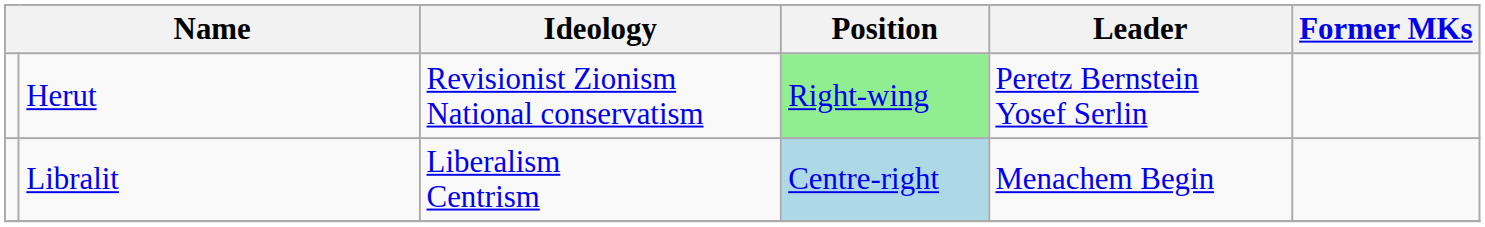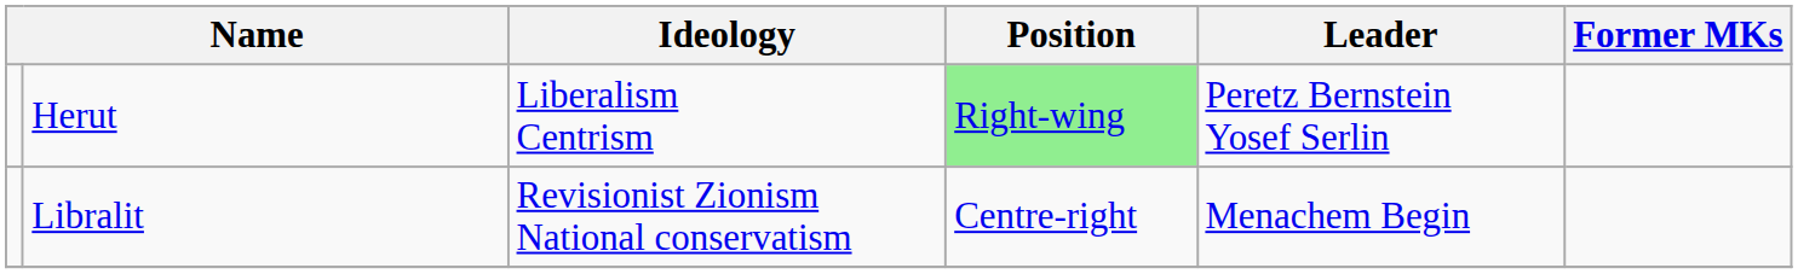 <table class="wikitable">
 <tr>
 <th colspan=2>Name</th>
 <th>Ideology</th>
 <th>Position</th>
 <th>Leader</th>
 <th><a href='#'>Former MKs</a></th>
 </tr>
 <tr>
 <td style="background: "></td>
 <td style="width:200px"><a href='#'>Herut</a></td>
-<td style="width:180px"><a href='#'>Revisionist Zionism</a><br><a href='#'>National conservatism</a></td>
+<td style="width:180px"><a href='#'>Liberalism</a><br><a href='#'>Centrism</a></td>
 <td style="background: lightgreen; width:100px"><a href='#'>Right-wing</a></td>
 <td style="width:150px"><a href='#'>Peretz Bernstein</a><br><a href='#'>Yosef Serlin</a></td>
 <td></td>
 </tr>
 <tr>
 <td style="background: "></td>
 <td style="width:200px"><a href='#'>Libralit</a></td>
-<td style="width:180px"><a href='#'>Liberalism</a><br><a href='#'>Centrism</a></td>
-<td style="background: lightblue; width:100px"><a href='#'>Centre-right</a></td>
+<td style="width:180px"><a href='#'>Revisionist Zionism</a><br><a href='#'>National conservatism</a></td>
+<td style="width:100px"><a href='#'>Centre-right</a></td>
 <td style="width:150px"><a href='#'>Menachem Begin</a></td>
 <td></td>
 </tr>
 <tr>
 </tr>
 </table>
